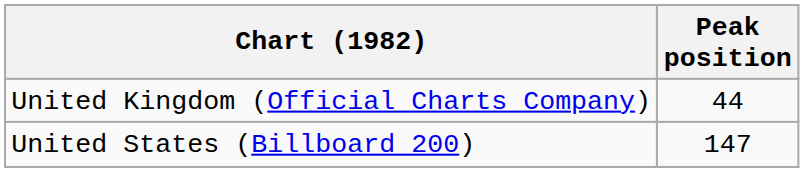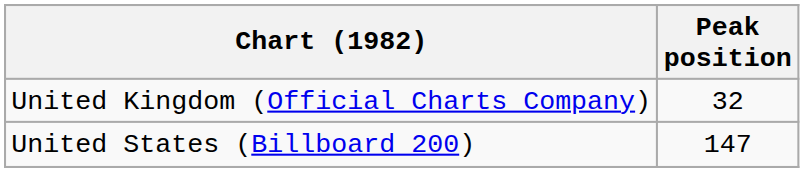 <table class="wikitable">
 <tr>
 <th scope="col">Chart (1982)</th>
 <th>Peak<br>position</th>
 </tr>
 <tr>
 <td>United Kingdom (<a href='#'>Official Charts Company</a>)</td>
-<td style="text-align:center;">44</td>
+<td style="text-align:center;">32</td>
 </tr>
 <tr>
 <td>United States (<a href='#'>Billboard 200</a>)</td>
 <td style="text-align:center;">147</td>
 </tr>
 </table>
